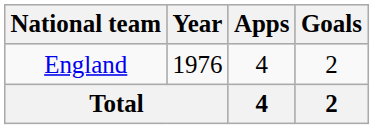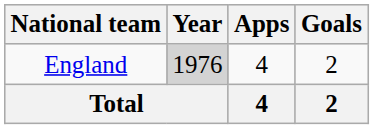 <table class="wikitable" style="text-align: center;">
 <tr>
 <th>National team</th>
 <th>Year</th>
 <th>Apps</th>
 <th>Goals</th>
 </tr>
 <tr>
 <td><a href='#'>England</a></td>
-<td>1976</td>
+<td style="background: lightgrey;">1976</td>
 <td>4</td>
 <td>2</td>
 </tr>
 <tr>
 <th colspan="2">Total</th>
 <th>4</th>
 <th>2</th>
 </tr>
 </table>
